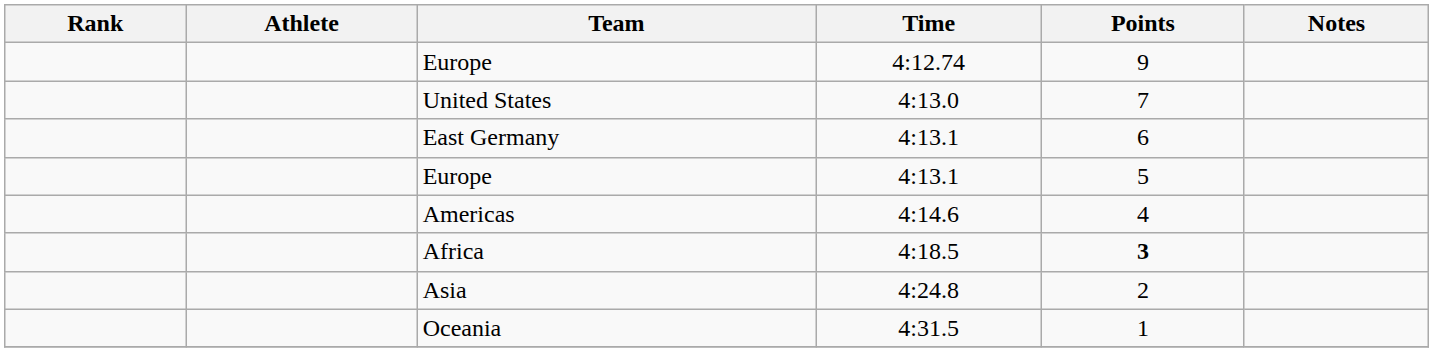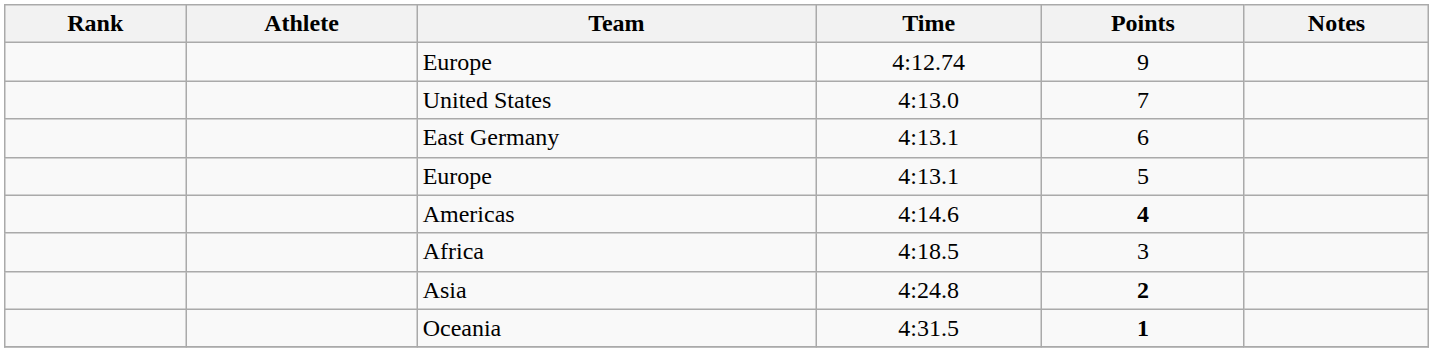 <table class="wikitable sortable" style="text-align:center" width="60%">
 <tr>
 <th>Rank</th>
 <th>Athlete</th>
 <th>Team</th>
 <th>Time</th>
 <th>Points</th>
 <th>Notes</th>
 </tr>
 <tr>
 <td></td>
 <td align="left"></td>
 <td align=left>Europe</td>
 <td>4:12.74</td>
 <td>9</td>
 <td></td>
 </tr>
 <tr>
 <td></td>
 <td align="left"></td>
 <td align=left>United States</td>
 <td>4:13.0</td>
 <td>7</td>
 <td></td>
 </tr>
 <tr>
 <td></td>
 <td align="left"></td>
 <td align=left>East Germany</td>
 <td>4:13.1</td>
 <td>6</td>
 <td></td>
 </tr>
 <tr>
 <td></td>
 <td align="left"></td>
 <td align=left>Europe</td>
 <td>4:13.1</td>
 <td>5</td>
 <td></td>
 </tr>
 <tr>
 <td></td>
 <td align="left"></td>
 <td align=left>Americas</td>
 <td>4:14.6</td>
-<td>4</td>
+<td><strong>4</strong></td>
 <td></td>
 </tr>
 <tr>
 <td></td>
 <td align="left"></td>
 <td align=left>Africa</td>
 <td>4:18.5</td>
-<td><strong>3</strong></td>
+<td>3</td>
 <td></td>
 </tr>
 <tr>
 <td></td>
 <td align="left"></td>
 <td align=left>Asia</td>
 <td>4:24.8</td>
-<td>2</td>
+<td><strong>2</strong></td>
 <td></td>
 </tr>
 <tr>
 <td></td>
 <td align="left"></td>
 <td align=left>Oceania</td>
 <td>4:31.5</td>
-<td>1</td>
+<td><strong>1</strong></td>
 <td></td>
 </tr>
 <tr>
 </tr>
 </table>
